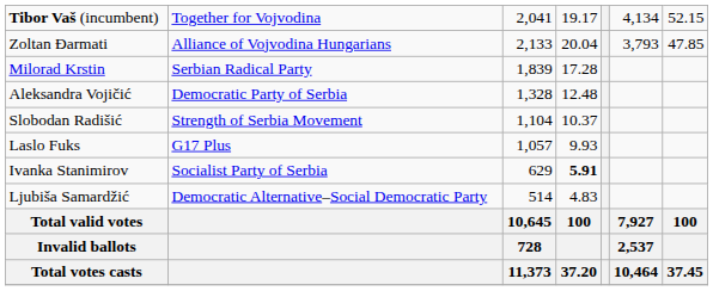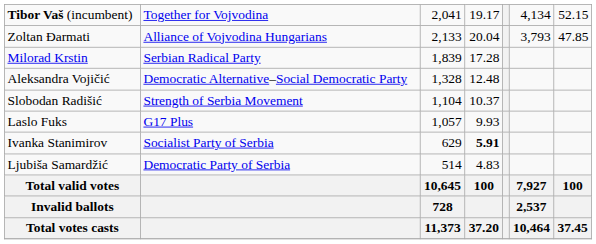 <table style="width:700px;" class="wikitable">
 <tr>
 <td align="left"><strong>Tibor Vaš</strong> (incumbent)</td>
 <td align="left"><a href='#'>Together for Vojvodina</a></td>
 <td align="right">2,041</td>
 <td align="right">19.17</td>
 <th align="left"></th>
 <td align="right">4,134</td>
 <td align="right">52.15</td>
 </tr>
 <tr>
 <td align="left">Zoltan Đarmati</td>
 <td align="left"><a href='#'>Alliance of Vojvodina Hungarians</a></td>
 <td align="right">2,133</td>
 <td align="right">20.04</td>
 <th align="left"></th>
 <td align="right">3,793</td>
 <td align="right">47.85</td>
 </tr>
 <tr>
 <td align="left"><a href='#'>Milorad Krstin</a></td>
 <td align="left"><a href='#'>Serbian Radical Party</a></td>
 <td align="right">1,839</td>
 <td align="right">17.28</td>
 <th align="left"></th>
 <td align="right"></td>
 <td align="right"></td>
 </tr>
 <tr>
 <td align="left">Aleksandra Vojičić</td>
-<td align="left"><a href='#'>Democratic Party of Serbia</a></td>
+<td align="left"><a href='#'>Democratic Alternative</a>–<a href='#'>Social Democratic Party</a></td>
 <td align="right">1,328</td>
 <td align="right">12.48</td>
 <th align="left"></th>
 <td align="right"></td>
 <td align="right"></td>
 </tr>
 <tr>
 <td align="left">Slobodan Radišić</td>
 <td align="left"><a href='#'>Strength of Serbia Movement</a></td>
 <td align="right">1,104</td>
 <td align="right">10.37</td>
 <th align="left"></th>
 <td align="right"></td>
 <td align="right"></td>
 </tr>
 <tr>
 <td align="left">Laslo Fuks</td>
 <td align="left"><a href='#'>G17 Plus</a></td>
 <td align="right">1,057</td>
 <td align="right">9.93</td>
 <th align="left"></th>
 <td align="right"></td>
 <td align="right"></td>
 </tr>
 <tr>
 <td align="left">Ivanka Stanimirov</td>
 <td align="left"><a href='#'>Socialist Party of Serbia</a></td>
 <td align="right">629</td>
 <td align="right"><strong>5.91</strong></td>
 <th align="left"></th>
 <td align="right"></td>
 <td align="right"></td>
 </tr>
 <tr>
 <td align="left">Ljubiša Samardžić</td>
-<td align="left"><a href='#'>Democratic Alternative</a>–<a href='#'>Social Democratic Party</a></td>
+<td align="left"><a href='#'>Democratic Party of Serbia</a></td>
 <td align="right">514</td>
 <td align="right">4.83</td>
 <th align="left"></th>
 <td align="right"></td>
 <td align="right"></td>
 </tr>
 <tr>
 <th align="left">Total valid votes</th>
 <th align="left"></th>
 <th align="right">10,645</th>
 <th align="right">100</th>
 <th align="left"></th>
 <th align="right">7,927</th>
 <th align="right">100</th>
 </tr>
 <tr>
 <th align="left">Invalid ballots</th>
 <th align="left"></th>
 <th align="right">728</th>
 <th align="right"></th>
 <th align="left"></th>
 <th align="right">2,537</th>
 <th align="right"></th>
 </tr>
 <tr>
 <th align="left">Total votes casts</th>
 <th align="left"></th>
 <th align="right">11,373</th>
 <th align="right">37.20</th>
 <th align="left"></th>
 <th align="right">10,464</th>
 <th align="right">37.45</th>
 </tr>
 <tr>
 </tr>
 </table>
